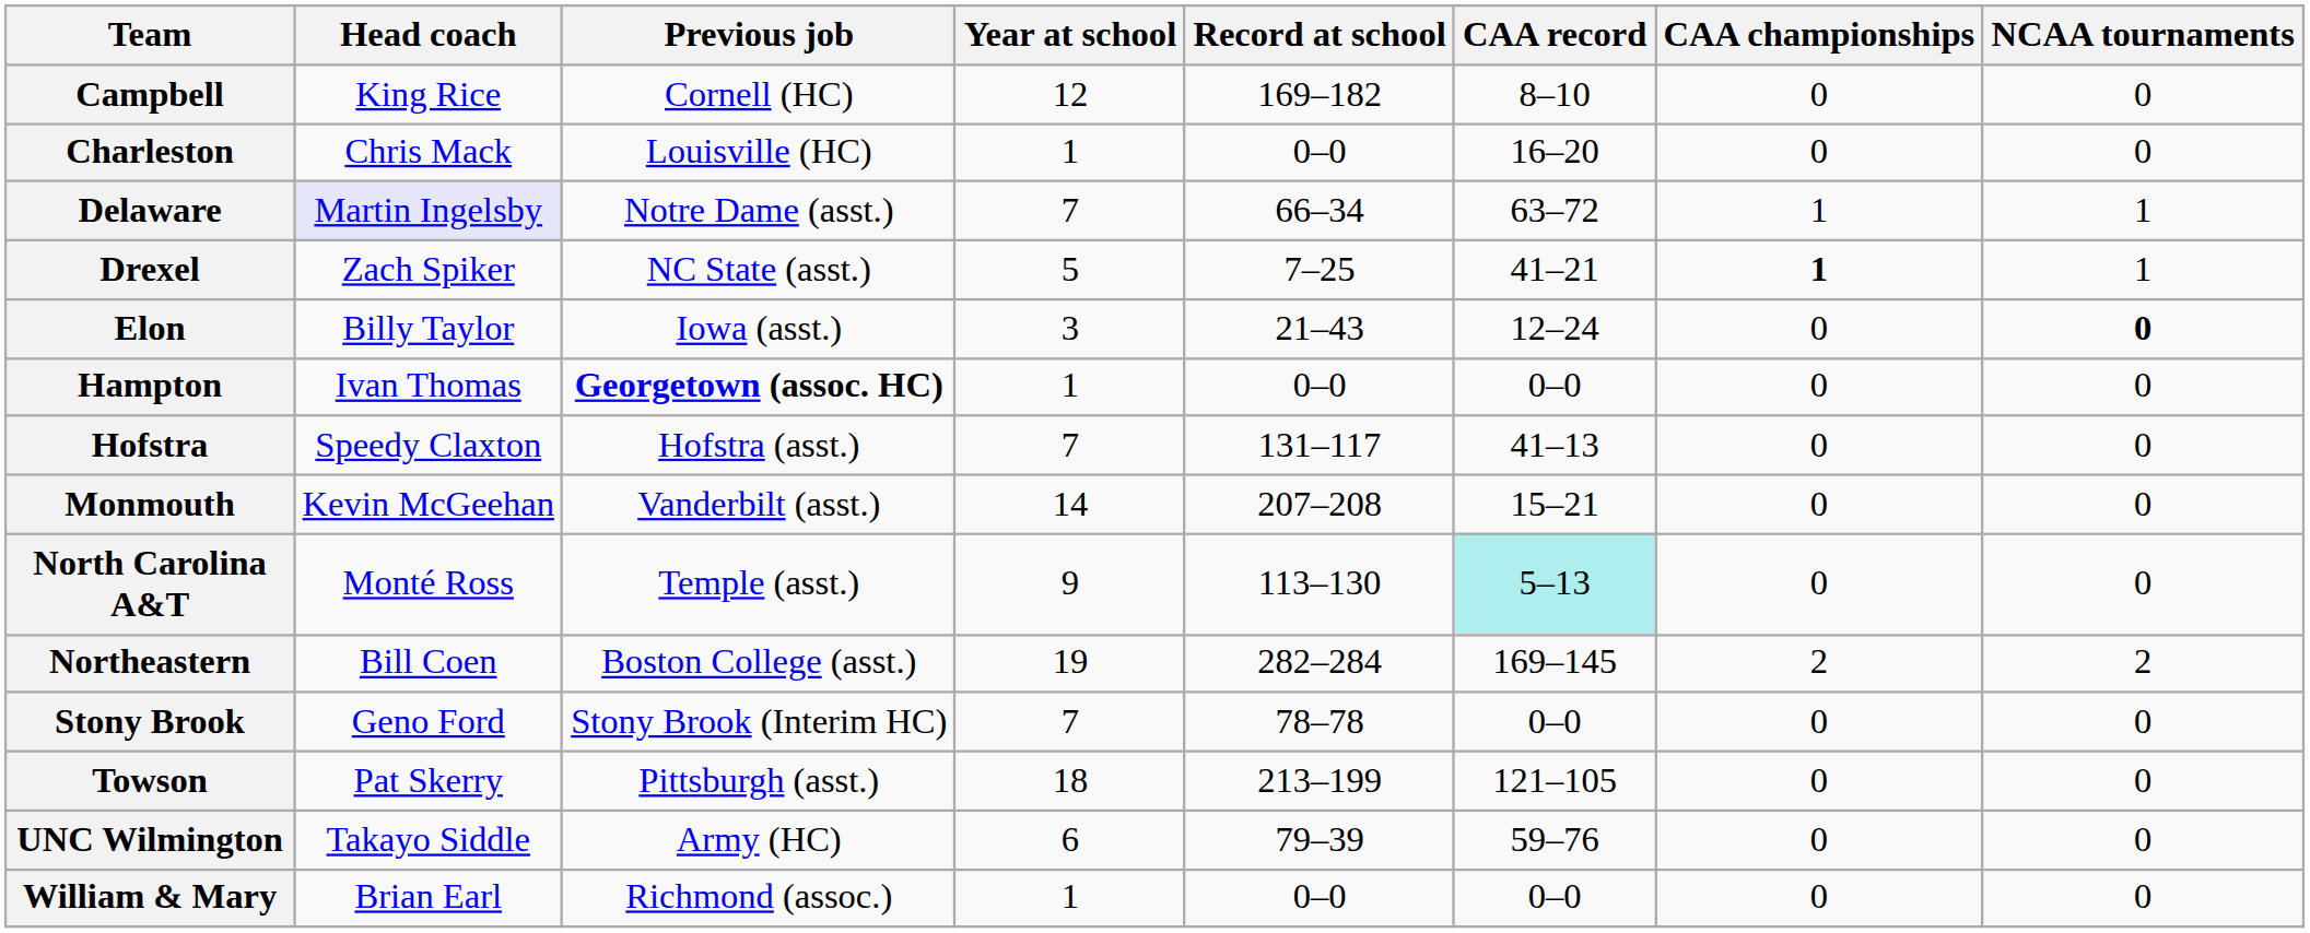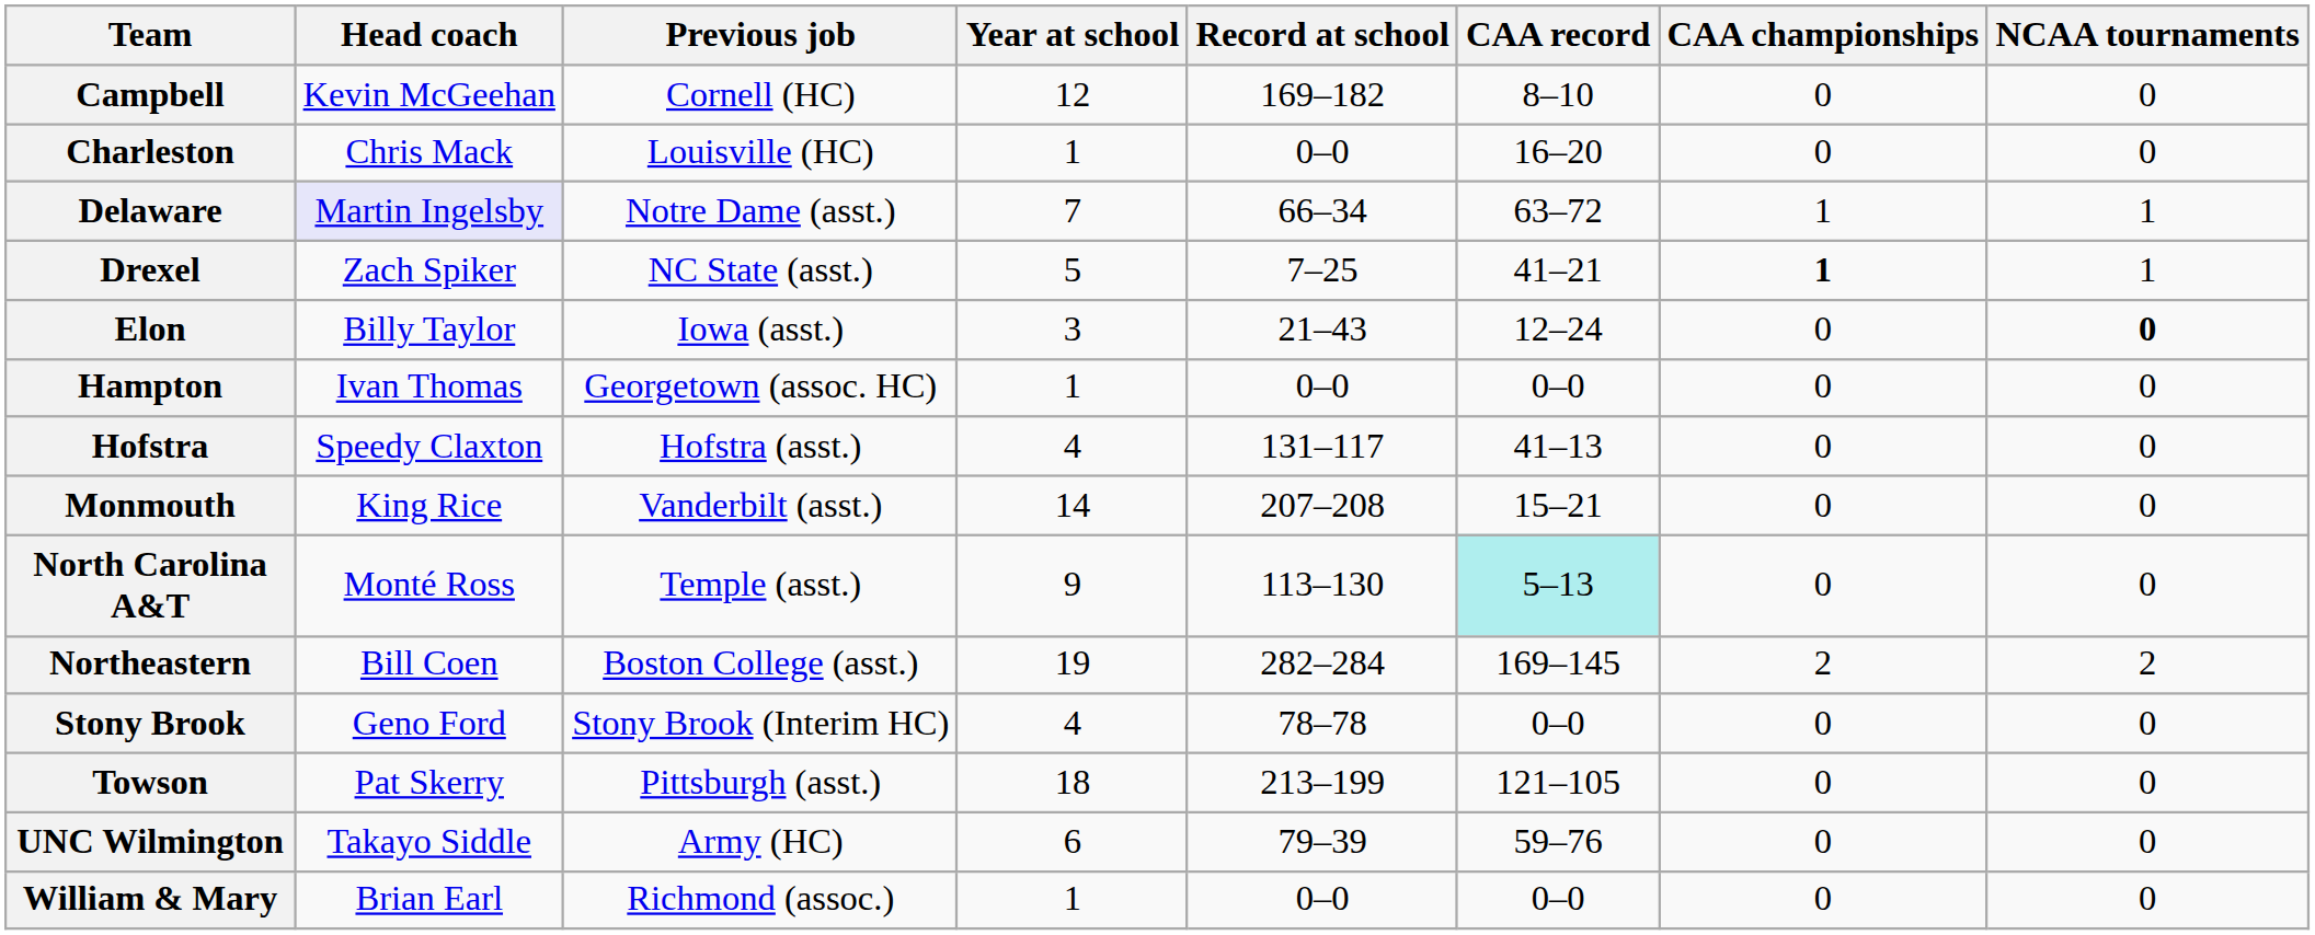 <table class="wikitable sortable" style="text-align: center;font-size:90%;">
 <tr>
 <th width="110">Team</th>
 <th>Head coach</th>
 <th>Previous job</th>
 <th>Year at school</th>
 <th>Record at school</th>
 <th>CAA record</th>
 <th>CAA championships</th>
 <th>NCAA tournaments</th>
 </tr>
 <tr>
 <th>Campbell</th>
-<td><a href='#'>King Rice</a></td>
+<td><a href='#'>Kevin McGeehan</a></td>
 <td><a href='#'>Cornell</a> (HC)</td>
 <td>12</td>
 <td>169–182</td>
 <td>8–10</td>
 <td>0</td>
 <td>0</td>
 </tr>
 <tr>
 <th>Charleston</th>
 <td><a href='#'>Chris Mack</a></td>
 <td><a href='#'>Louisville</a> (HC)</td>
 <td>1</td>
 <td>0–0</td>
 <td>16–20</td>
 <td>0</td>
 <td>0</td>
 </tr>
 <tr>
 <th>Delaware</th>
 <td style="background: lavender;"><a href='#'>Martin Ingelsby</a></td>
 <td><a href='#'>Notre Dame</a> (asst.)</td>
 <td>7</td>
 <td>66–34</td>
 <td>63–72</td>
 <td>1</td>
 <td>1</td>
 </tr>
 <tr>
 <th>Drexel</th>
 <td><a href='#'>Zach Spiker</a></td>
 <td><a href='#'>NC State</a> (asst.)</td>
 <td>5</td>
 <td>7–25</td>
 <td>41–21</td>
 <td><strong>1</strong></td>
 <td>1</td>
 </tr>
 <tr>
 <th>Elon</th>
 <td><a href='#'>Billy Taylor</a></td>
 <td><a href='#'>Iowa</a> (asst.)</td>
 <td>3</td>
 <td>21–43</td>
 <td>12–24</td>
 <td>0</td>
 <td><strong>0</strong></td>
 </tr>
 <tr>
 <th>Hampton</th>
 <td><a href='#'>Ivan Thomas</a></td>
-<td><strong><a href='#'>Georgetown</a> (assoc. HC)</strong></td>
+<td><a href='#'>Georgetown</a> (assoc. HC)</td>
 <td>1</td>
 <td>0–0</td>
 <td>0–0</td>
 <td>0</td>
 <td>0</td>
 </tr>
 <tr>
 <th>Hofstra</th>
 <td><a href='#'>Speedy Claxton</a></td>
 <td><a href='#'>Hofstra</a> (asst.)</td>
-<td>7</td>
+<td>4</td>
 <td>131–117</td>
 <td>41–13</td>
 <td>0</td>
 <td>0</td>
 </tr>
 <tr>
 <th>Monmouth</th>
-<td><a href='#'>Kevin McGeehan</a></td>
+<td><a href='#'>King Rice</a></td>
 <td><a href='#'>Vanderbilt</a> (asst.)</td>
 <td>14</td>
 <td>207–208</td>
 <td>15–21</td>
 <td>0</td>
 <td>0</td>
 </tr>
 <tr>
 <th>North Carolina A&T</th>
 <td><a href='#'>Monté Ross</a></td>
 <td><a href='#'>Temple</a> (asst.)</td>
 <td>9</td>
 <td>113–130</td>
 <td style="background: paleturquoise;">5–13</td>
 <td>0</td>
 <td>0</td>
 </tr>
 <tr>
 <th>Northeastern</th>
 <td><a href='#'>Bill Coen</a></td>
 <td><a href='#'>Boston College</a> (asst.)</td>
 <td>19</td>
 <td>282–284</td>
 <td>169–145</td>
 <td>2</td>
 <td>2</td>
 </tr>
 <tr>
 <th>Stony Brook</th>
 <td><a href='#'>Geno Ford</a></td>
 <td><a href='#'>Stony Brook</a> (Interim HC)</td>
-<td>7</td>
+<td>4</td>
 <td>78–78</td>
 <td>0–0</td>
 <td>0</td>
 <td>0</td>
 </tr>
 <tr>
 <th>Towson</th>
 <td><a href='#'>Pat Skerry</a></td>
 <td><a href='#'>Pittsburgh</a> (asst.)</td>
 <td>18</td>
 <td>213–199</td>
 <td>121–105</td>
 <td>0</td>
 <td>0</td>
 </tr>
 <tr>
 <th>UNC Wilmington</th>
 <td><a href='#'>Takayo Siddle</a></td>
 <td><a href='#'>Army</a> (HC)</td>
 <td>6</td>
 <td>79–39</td>
 <td>59–76</td>
 <td>0</td>
 <td>0</td>
 </tr>
 <tr>
 <th>William & Mary</th>
 <td><a href='#'>Brian Earl</a></td>
 <td><a href='#'>Richmond</a> (assoc.)</td>
 <td>1</td>
 <td>0–0</td>
 <td>0–0</td>
 <td>0</td>
 <td>0</td>
 </tr>
 </table>
